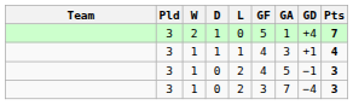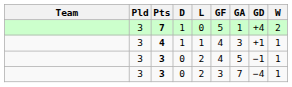 <table class="wikitable" style="text-align: center;">
 <tr>
 <th width=165>Team</th>
 <th width=20>Pld</th>
-<th width=20>W</th>
+<th width=20>Pts</th>
 <th width=20>D</th>
 <th width=20>L</th>
 <th width=20>GF</th>
 <th width=20>GA</th>
 <th width=20>GD</th>
-<th width=20>Pts</th>
+<th width=20>W</th>
 </tr>
 <tr bgcolor=#ccffcc>
 <td align=left></td>
 <td>3</td>
-<td>2</td>
+<td><strong>7</strong></td>
 <td>1</td>
 <td>0</td>
 <td>5</td>
 <td>1</td>
 <td>+4</td>
-<td><strong>7</strong></td>
+<td>2</td>
 </tr>
 <tr>
 <td align=left></td>
 <td>3</td>
-<td>1</td>
+<td><strong>4</strong></td>
 <td>1</td>
 <td>1</td>
 <td>4</td>
 <td>3</td>
 <td>+1</td>
-<td><strong>4</strong></td>
+<td>1</td>
 </tr>
 <tr>
 <td align=left></td>
 <td>3</td>
-<td>1</td>
+<td><strong>3</strong></td>
 <td>0</td>
 <td>2</td>
 <td>4</td>
 <td>5</td>
 <td>−1</td>
-<td><strong>3</strong></td>
+<td>1</td>
 </tr>
 <tr>
 <td align=left></td>
 <td>3</td>
-<td>1</td>
+<td><strong>3</strong></td>
 <td>0</td>
 <td>2</td>
 <td>3</td>
 <td>7</td>
 <td>−4</td>
-<td><strong>3</strong></td>
+<td>1</td>
 </tr>
 </table>
